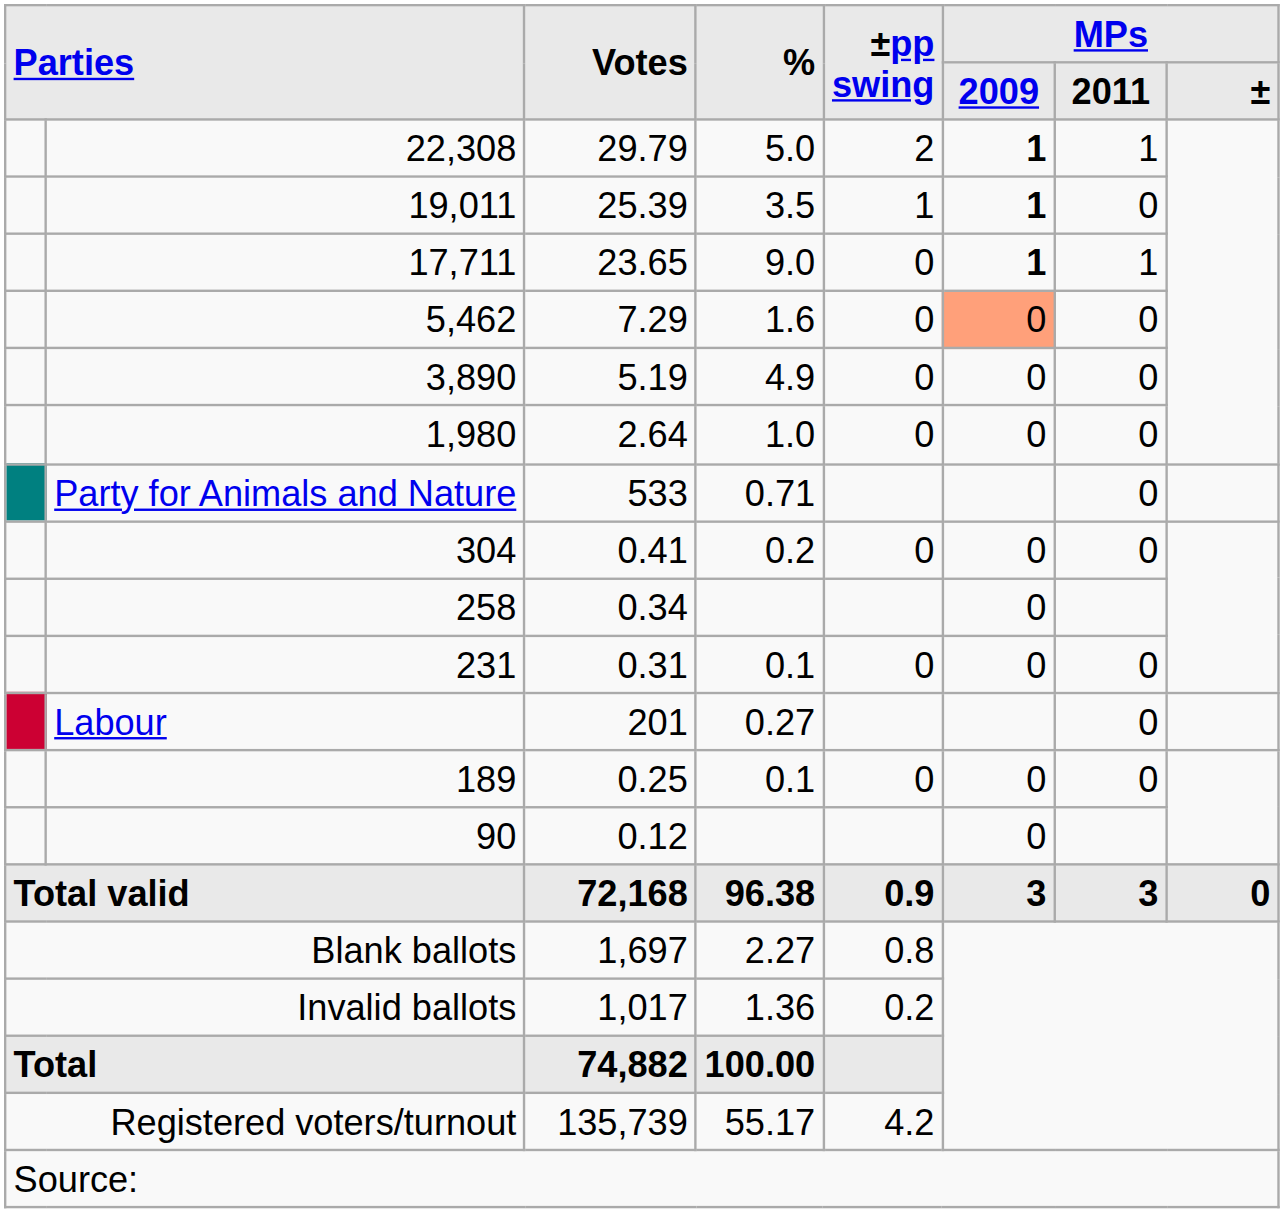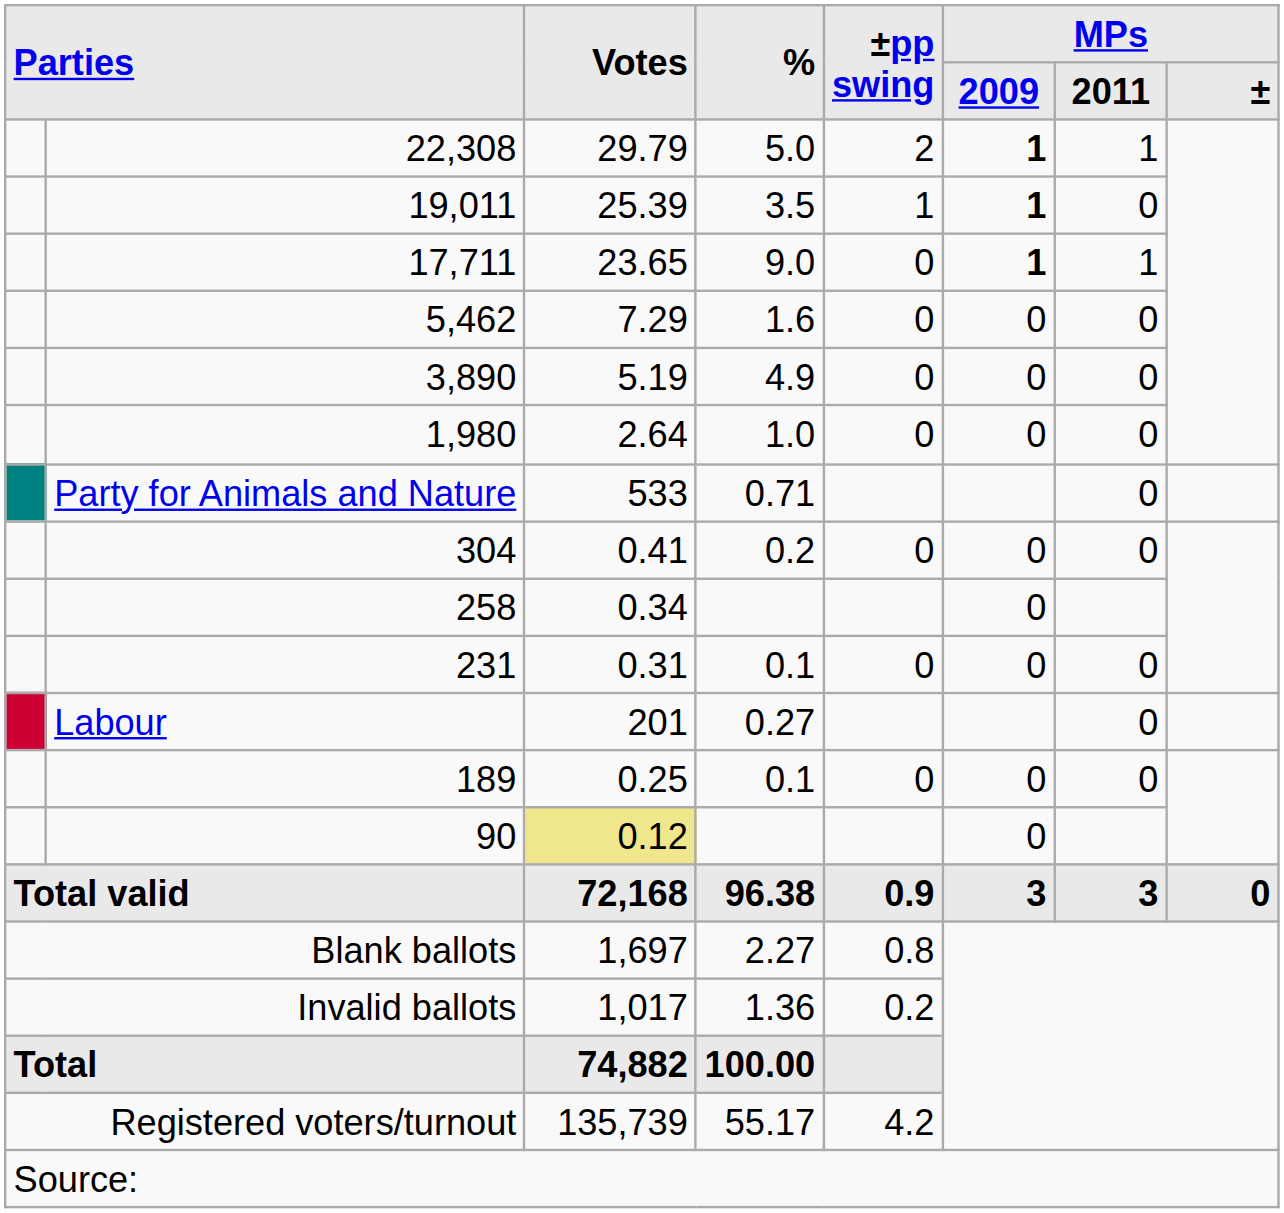 <table class="wikitable" style="text-align:right; font-size:95%;">
 <tr>
 <th rowspan="2" colspan="2" style="background:#e9e9e9; text-align:left;" alignleft><a href='#'>Parties</a></th>
 <th rowspan="2" style="background:#e9e9e9; text-align:right;">Votes</th>
 <th rowspan="2" style="background:#e9e9e9; text-align:right;">%</th>
 <th rowspan="2" style="background:#e9e9e9; text-align:right;">±<a href='#'>pp</a> <a href='#'>swing</a></th>
 <th colspan="3" style="background:#e9e9e9; text-align:center;"><a href='#'>MPs</a></th>
 </tr>
 <tr style="background-color:#E9E9E9">
 <th style="background-color:#E9E9E9;text-align:center;"><a href='#'>2009</a></th>
 <th style="background-color:#E9E9E9;text-align:center;">2011</th>
 <th style="background:#e9e9e9; text-align:right;">±</th>
 </tr>
 <tr>
 <td></td>
 <td>22,308</td>
 <td>29.79</td>
 <td>5.0</td>
 <td>2</td>
 <td><strong>1</strong></td>
 <td>1</td>
 </tr>
 <tr>
 <td></td>
 <td>19,011</td>
 <td>25.39</td>
 <td>3.5</td>
 <td>1</td>
 <td><strong>1</strong></td>
 <td>0</td>
 </tr>
 <tr>
 <td></td>
 <td>17,711</td>
 <td>23.65</td>
 <td>9.0</td>
 <td>0</td>
 <td><strong>1</strong></td>
 <td>1</td>
 </tr>
 <tr>
 <td></td>
 <td>5,462</td>
 <td>7.29</td>
 <td>1.6</td>
 <td>0</td>
-<td style="background: lightsalmon;">0</td>
+<td>0</td>
 <td>0</td>
 </tr>
 <tr>
 <td></td>
 <td>3,890</td>
 <td>5.19</td>
 <td>4.9</td>
 <td>0</td>
 <td>0</td>
 <td>0</td>
 </tr>
 <tr>
 <td></td>
 <td>1,980</td>
 <td>2.64</td>
 <td>1.0</td>
 <td>0</td>
 <td>0</td>
 <td>0</td>
 </tr>
 <tr>
 <td style="width: 10px" bgcolor="teal" align="center"></td>
 <td align="left"><a href='#'>Party for Animals and Nature</a></td>
 <td>533</td>
 <td>0.71</td>
 <td></td>
 <td></td>
 <td>0</td>
 <td></td>
 </tr>
 <tr>
 <td></td>
 <td>304</td>
 <td>0.41</td>
 <td>0.2</td>
 <td>0</td>
 <td>0</td>
 <td>0</td>
 </tr>
 <tr>
 <td></td>
 <td>258</td>
 <td>0.34</td>
 <td></td>
 <td></td>
 <td>0</td>
 <td></td>
 </tr>
 <tr>
 <td></td>
 <td>231</td>
 <td>0.31</td>
 <td>0.1</td>
 <td>0</td>
 <td>0</td>
 <td>0</td>
 </tr>
 <tr>
 <td style="width: 10px" bgcolor=#CC0033 align="center"></td>
 <td align=left><a href='#'>Labour</a></td>
 <td>201</td>
 <td>0.27</td>
 <td></td>
 <td></td>
 <td>0</td>
 <td></td>
 </tr>
 <tr>
 <td></td>
 <td>189</td>
 <td>0.25</td>
 <td>0.1</td>
 <td>0</td>
 <td>0</td>
 <td>0</td>
 </tr>
 <tr>
 <td></td>
 <td>90</td>
-<td>0.12</td>
+<td style="background: khaki;">0.12</td>
 <td></td>
 <td></td>
 <td>0</td>
 <td></td>
 </tr>
 <tr>
 <td colspan=2 align=left style="background-color:#E9E9E9"><strong>Total valid</strong></td>
 <td width="65" align="right" style="background-color:#E9E9E9"><strong>72,168</strong></td>
 <td width="40" align="right" style="background-color:#E9E9E9"><strong>96.38</strong></td>
 <td width="40" align="right" style="background-color:#E9E9E9"><strong>0.9</strong></td>
 <td width="40" align="right" style="background-color:#E9E9E9"><strong>3</strong></td>
 <td width="40" align="right" style="background-color:#E9E9E9"><strong>3</strong></td>
 <td width="40" align="right" style="background-color:#E9E9E9"><strong>0</strong></td>
 </tr>
 <tr>
 <td colspan=2>Blank ballots</td>
 <td>1,697</td>
 <td>2.27</td>
 <td>0.8</td>
 <td colspan=4 rowspan=4></td>
 </tr>
 <tr>
 <td colspan=2>Invalid ballots</td>
 <td>1,017</td>
 <td>1.36</td>
 <td>0.2</td>
 </tr>
 <tr>
 <td colspan=2 align=left style="background-color:#E9E9E9"><strong>Total</strong></td>
 <td width="50" align="right" style="background-color:#E9E9E9"><strong>74,882</strong></td>
 <td width="40" align="right" style="background-color:#E9E9E9"><strong>100.00</strong></td>
 <td width="40" align="right" style="background-color:#E9E9E9"></td>
 </tr>
 <tr>
 <td colspan=2>Registered voters/turnout</td>
 <td>135,739</td>
 <td>55.17</td>
 <td>4.2</td>
 </tr>
 <tr>
 <td colspan=11 align=left>Source: </td>
 </tr>
 </table>
